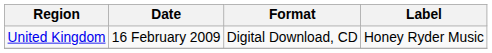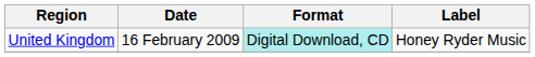 <table class=wikitable>
 <tr>
 <th>Region</th>
 <th>Date</th>
 <th>Format</th>
 <th>Label</th>
 </tr>
 <tr>
 <td><a href='#'>United Kingdom</a></td>
 <td>16 February 2009</td>
-<td>Digital Download, CD</td>
+<td style="background: paleturquoise;">Digital Download, CD</td>
 <td>Honey Ryder Music</td>
 </tr>
 <tr>
 </tr>
 </table>
